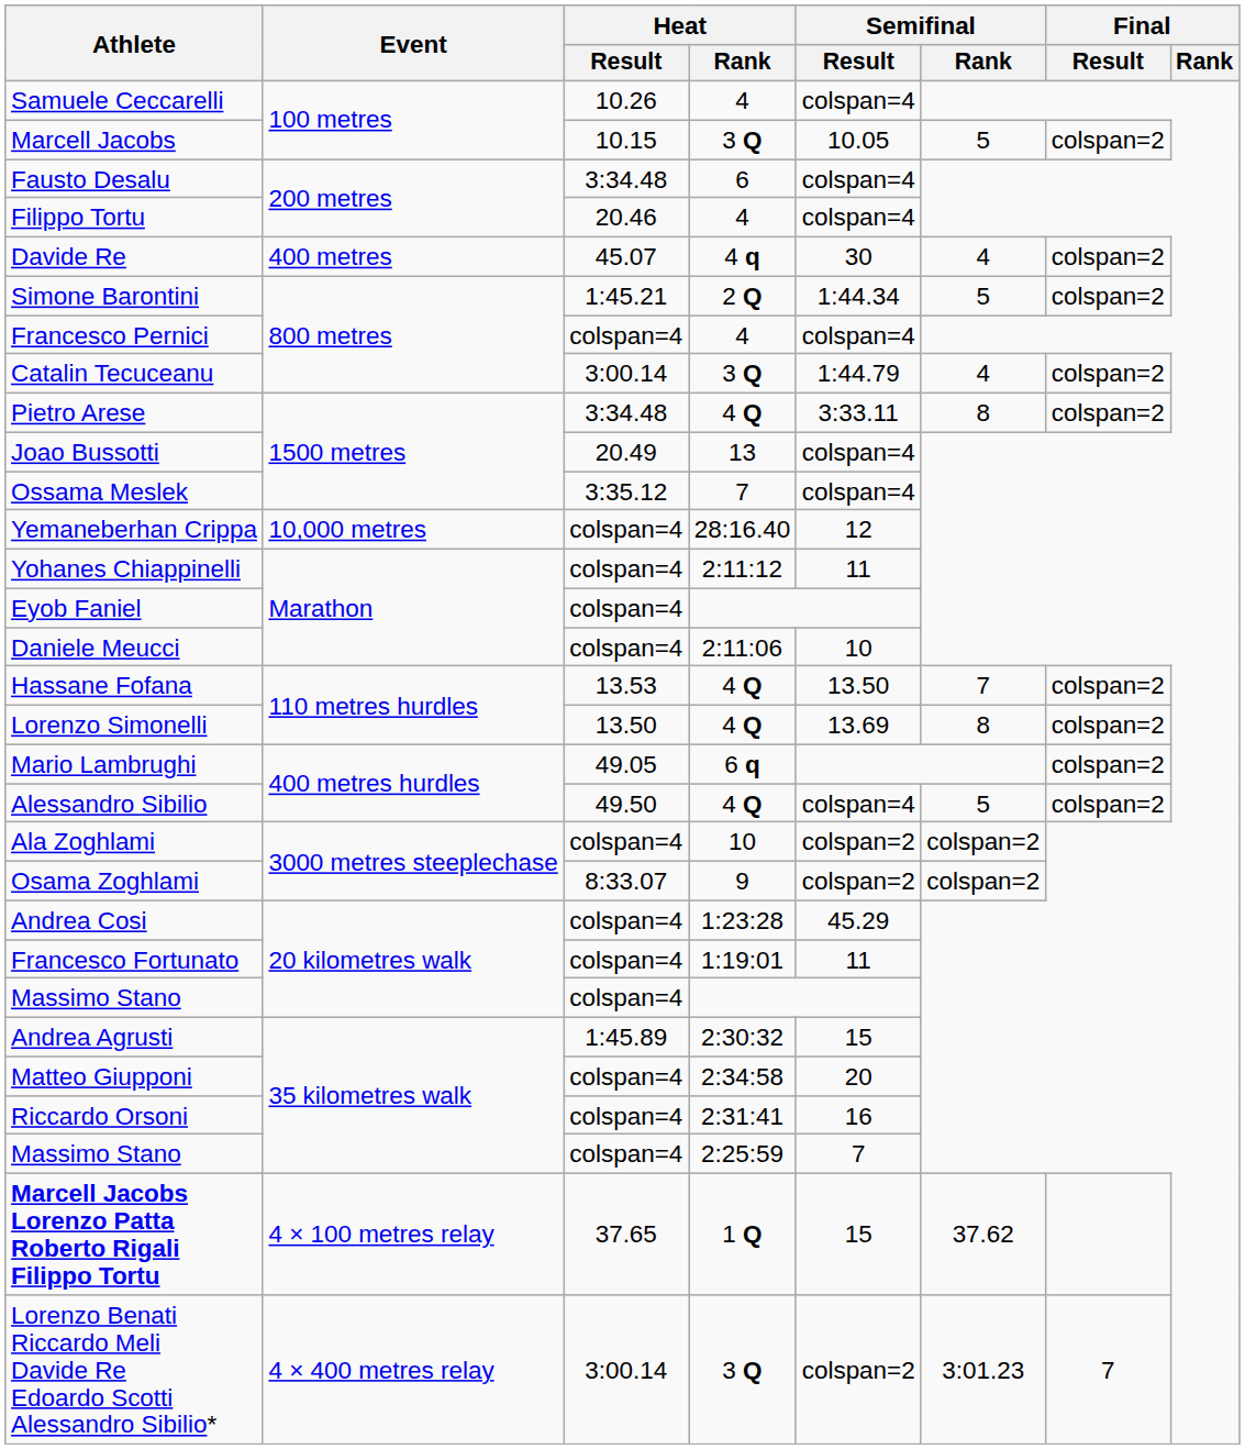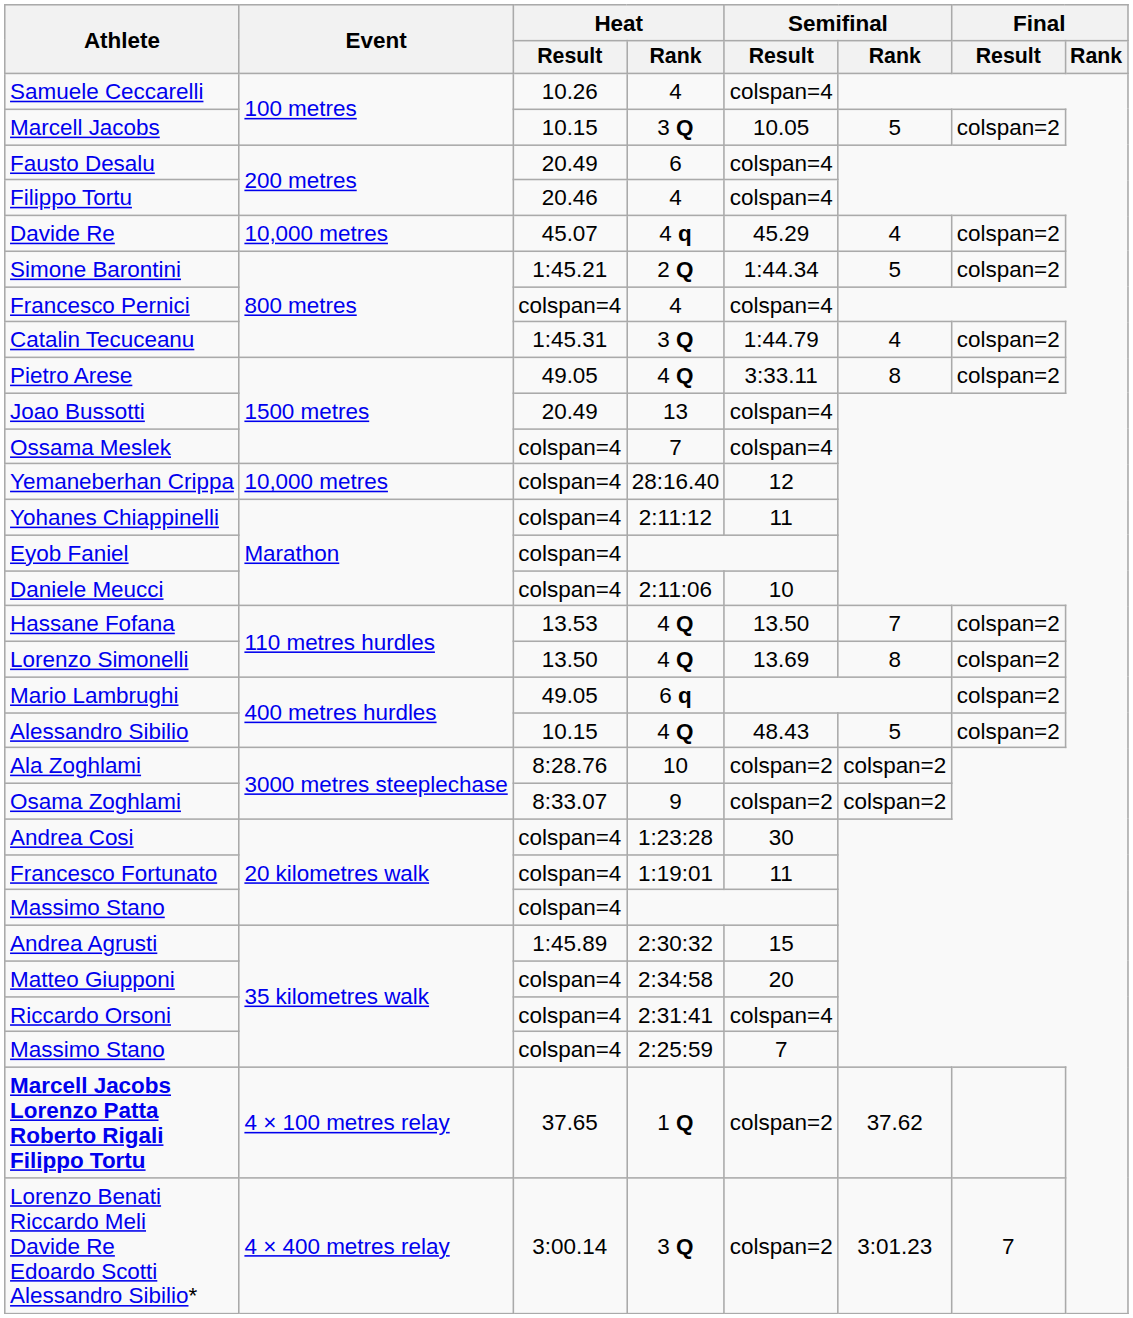 <table class="wikitable" style="font-size:90%">
 <tr>
 <th rowspan="2">Athlete</th>
 <th rowspan="2">Event</th>
 <th colspan="2">Heat</th>
 <th colspan="2">Semifinal</th>
 <th colspan="2">Final</th>
 </tr>
 <tr style="font-size:95%">
 <th>Result</th>
 <th>Rank</th>
 <th>Result</th>
 <th>Rank</th>
 <th>Result</th>
 <th>Rank</th>
 </tr>
 <tr align=center>
 <td align=left><a href='#'>Samuele Ceccarelli</a></td>
 <td align=left rowspan=2><a href='#'>100 metres</a></td>
 <td>10.26</td>
 <td>4</td>
 <td>colspan=4 </td>
 </tr>
 <tr align=center>
 <td align=left><a href='#'>Marcell Jacobs</a></td>
 <td>10.15 </td>
 <td>3 <strong>Q</strong></td>
 <td>10.05 </td>
 <td>5</td>
 <td>colspan=2 </td>
 </tr>
 <tr align=center>
 <td align=left><a href='#'>Fausto Desalu</a></td>
 <td align=left rowspan=2><a href='#'>200 metres</a></td>
-<td>3:34.48</td>
+<td>20.49 </td>
 <td>6</td>
 <td>colspan=4 </td>
 </tr>
 <tr align=center>
 <td align=left><a href='#'>Filippo Tortu</a></td>
 <td>20.46</td>
 <td>4</td>
 <td>colspan=4 </td>
 </tr>
 <tr align=center>
 <td align=left><a href='#'>Davide Re</a></td>
-<td align=left><a href='#'>400 metres</a></td>
+<td align=left><a href='#'>10,000 metres</a></td>
 <td>45.07 </td>
 <td>4 <strong>q</strong></td>
-<td>30</td>
+<td>45.29</td>
 <td>4</td>
 <td>colspan=2 </td>
 </tr>
 <tr align=center>
 <td align=left><a href='#'>Simone Barontini</a></td>
 <td align=left rowspan=3><a href='#'>800 metres</a></td>
 <td>1:45.21</td>
 <td>2 <strong>Q</strong></td>
 <td>1:44.34 </td>
 <td>5</td>
 <td>colspan=2 </td>
 </tr>
 <tr align=center>
 <td align=left><a href='#'>Francesco Pernici</a></td>
 <td>colspan=4</td>
 <td>4</td>
 <td>colspan=4 </td>
 </tr>
 <tr align=center>
 <td align=left><a href='#'>Catalin Tecuceanu</a></td>
-<td>3:00.14 </td>
+<td>1:45.31</td>
 <td>3 <strong>Q</strong></td>
 <td>1:44.79 </td>
 <td>4</td>
 <td>colspan=2 </td>
 </tr>
 <tr align=center>
 <td align=left><a href='#'>Pietro Arese</a></td>
 <td align=left rowspan=3><a href='#'>1500 metres</a></td>
-<td>3:34.48</td>
+<td>49.05 </td>
 <td>4 <strong>Q</strong></td>
 <td>3:33.11 </td>
 <td>8</td>
 <td>colspan=2 </td>
 </tr>
 <tr align=center>
 <td align=left><a href='#'>Joao Bussotti</a></td>
 <td>20.49 </td>
 <td>13</td>
 <td>colspan=4 </td>
 </tr>
 <tr align=center>
 <td align=left><a href='#'>Ossama Meslek</a></td>
-<td>3:35.12</td>
+<td>colspan=4</td>
 <td>7</td>
 <td>colspan=4 </td>
 </tr>
 <tr align=center>
 <td align=left><a href='#'>Yemaneberhan Crippa</a></td>
 <td align=left><a href='#'>10,000 metres</a></td>
 <td>colspan=4</td>
 <td>28:16.40</td>
 <td>12</td>
 </tr>
 <tr align=center>
 <td align=left><a href='#'>Yohanes Chiappinelli</a></td>
 <td align=left rowspan=3><a href='#'>Marathon</a></td>
 <td>colspan=4</td>
 <td>2:11:12</td>
 <td>11</td>
 </tr>
 <tr align=center>
 <td align=left><a href='#'>Eyob Faniel</a></td>
 <td>colspan=4</td>
 <td colspan=2></td>
 </tr>
 <tr align=center>
 <td align=left><a href='#'>Daniele Meucci</a></td>
 <td>colspan=4</td>
 <td>2:11:06 </td>
 <td>10</td>
 </tr>
 <tr align=center>
 <td align=left><a href='#'>Hassane Fofana</a></td>
 <td align=left rowspan=2><a href='#'>110 metres hurdles</a></td>
 <td>13.53</td>
 <td>4 <strong>Q</strong></td>
 <td>13.50</td>
 <td>7</td>
 <td>colspan=2 </td>
 </tr>
 <tr align=center>
 <td align=left><a href='#'>Lorenzo Simonelli</a></td>
 <td>13.50</td>
 <td>4 <strong>Q</strong></td>
 <td>13.69</td>
 <td>8</td>
 <td>colspan=2 </td>
 </tr>
 <tr align=center>
 <td align=left><a href='#'>Mario Lambrughi</a></td>
 <td align=left rowspan=2><a href='#'>400 metres hurdles</a></td>
 <td>49.05 </td>
 <td>6 <strong>q</strong></td>
 <td colspan=2></td>
 <td>colspan=2 </td>
 </tr>
 <tr align=center>
 <td align=left><a href='#'>Alessandro Sibilio</a></td>
-<td>49.50</td>
+<td>10.15 </td>
 <td>4 <strong>Q</strong></td>
-<td>colspan=4 </td>
+<td>48.43</td>
 <td>5</td>
 <td>colspan=2 </td>
 </tr>
 <tr align=center>
 <td align=left><a href='#'>Ala Zoghlami</a></td>
 <td align=left rowspan=2><a href='#'>3000 metres steeplechase</a></td>
-<td>colspan=4</td>
+<td>8:28.76</td>
 <td>10</td>
 <td>colspan=2</td>
 <td>colspan=2 </td>
 </tr>
 <tr align=center>
 <td align=left><a href='#'>Osama Zoghlami</a></td>
 <td>8:33.07</td>
 <td>9</td>
 <td>colspan=2</td>
 <td>colspan=2 </td>
 </tr>
 <tr align=center>
 <td align=left><a href='#'>Andrea Cosi</a></td>
 <td align=left rowspan=3><a href='#'>20 kilometres walk</a></td>
 <td>colspan=4</td>
 <td>1:23:28</td>
-<td>45.29</td>
+<td>30</td>
 </tr>
 <tr align=center>
 <td align=left><a href='#'>Francesco Fortunato</a></td>
 <td>colspan=4</td>
 <td>1:19:01</td>
 <td>11</td>
 </tr>
 <tr align=center>
 <td align=left><a href='#'>Massimo Stano</a></td>
 <td>colspan=4</td>
 <td colspan=2></td>
 </tr>
 <tr align=center>
 <td align=left><a href='#'>Andrea Agrusti</a></td>
 <td align=left rowspan=4><a href='#'>35 kilometres walk</a></td>
 <td>1:45.89</td>
 <td>2:30:32</td>
 <td>15</td>
 </tr>
 <tr align=center>
 <td align=left><a href='#'>Matteo Giupponi</a></td>
 <td>colspan=4</td>
 <td>2:34:58 </td>
 <td>20</td>
 </tr>
 <tr align=center>
 <td align=left><a href='#'>Riccardo Orsoni</a></td>
 <td>colspan=4</td>
 <td>2:31:41</td>
-<td>16</td>
+<td>colspan=4 </td>
 </tr>
 <tr align=center>
 <td align=left><a href='#'>Massimo Stano</a></td>
 <td>colspan=4</td>
 <td>2:25:59 </td>
 <td>7</td>
 </tr>
 <tr align=center>
 <td align=left><strong><a href='#'>Marcell Jacobs</a><br><a href='#'>Lorenzo Patta</a><br><a href='#'>Roberto Rigali</a><br><a href='#'>Filippo Tortu</a></strong></td>
 <td align=left><a href='#'>4 × 100 metres relay</a></td>
 <td>37.65 </td>
 <td>1 <strong>Q</strong></td>
-<td>15</td>
+<td>colspan=2</td>
 <td>37.62 </td>
 <td></td>
 </tr>
 <tr align=center>
 <td align=left><a href='#'>Lorenzo Benati</a><br><a href='#'>Riccardo Meli</a><br><a href='#'>Davide Re</a><br><a href='#'>Edoardo Scotti</a><br><a href='#'>Alessandro Sibilio</a>*</td>
 <td align=left><a href='#'>4 × 400 metres relay</a></td>
 <td>3:00.14 </td>
 <td>3 <strong>Q</strong></td>
 <td>colspan=2</td>
 <td>3:01.23</td>
 <td>7</td>
 </tr>
 </table>
